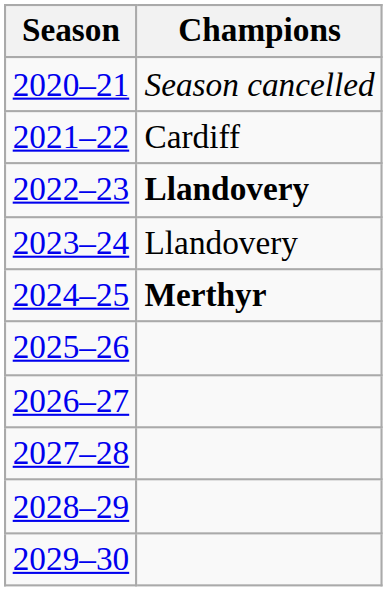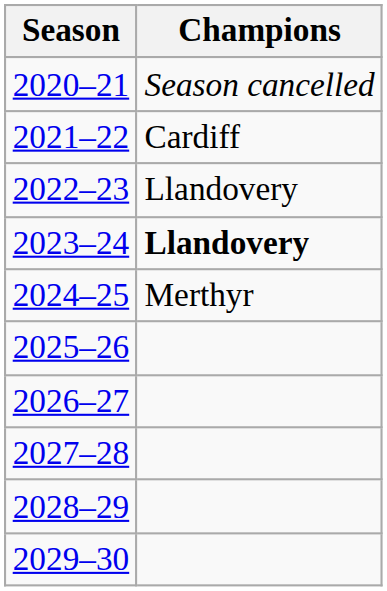 <table class="wikitable">
 <tr>
 <th>Season</th>
 <th>Champions</th>
 </tr>
 <tr>
 <td><a href='#'>2020–21</a></td>
 <td><em>Season cancelled</em></td>
 </tr>
 <tr>
 <td><a href='#'>2021–22</a></td>
 <td>Cardiff</td>
 </tr>
 <tr>
 <td><a href='#'>2022–23</a></td>
+<td>Llandovery</td>
+</tr>
+<tr>
+<td><a href='#'>2023–24</a></td>
 <td><strong>Llandovery</strong></td>
 </tr>
 <tr>
-<td><a href='#'>2023–24</a></td>
-<td>Llandovery</td>
-</tr>
-<tr>
 <td><a href='#'>2024–25</a></td>
-<td><strong>Merthyr</strong></td>
+<td>Merthyr</td>
 </tr>
 <tr>
 <td><a href='#'>2025–26</a></td>
 <td></td>
 </tr>
 <tr>
 <td><a href='#'>2026–27</a></td>
 <td></td>
 </tr>
 <tr>
 <td><a href='#'>2027–28</a></td>
 <td></td>
 </tr>
 <tr>
 <td><a href='#'>2028–29</a></td>
 <td></td>
 </tr>
 <tr>
 <td><a href='#'>2029–30</a></td>
 <td></td>
 </tr>
 </table>
